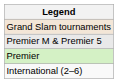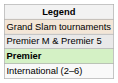 <table class=wikitable style=font-size:90%>
 <tr>
 <th>Legend</th>
 </tr>
 <tr>
 <td style="background:#f3e6d7;">Grand Slam tournaments</td>
 </tr>
 <tr>
 <td style="background:#e9e9e9;">Premier M & Premier 5</td>
 </tr>
 <tr>
-<td style="background:#d4f1c5;">Premier</td>
+<td style="background:#d4f1c5;"><strong>Premier</strong></td>
 </tr>
 <tr>
 <td>International (2–6)</td>
 </tr>
 </table>
